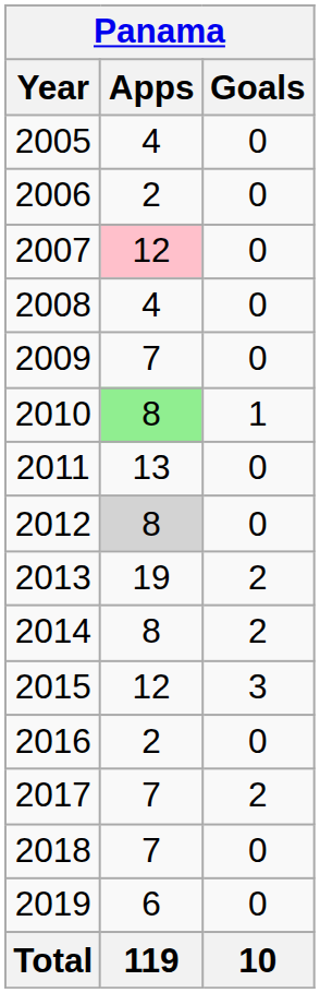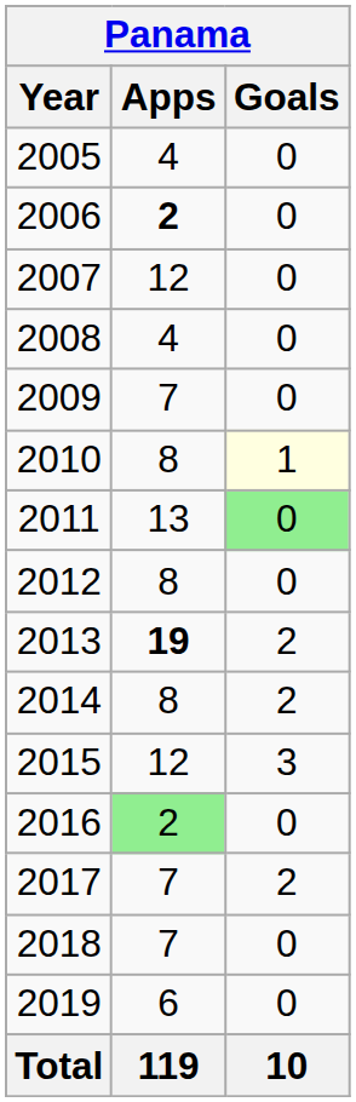 <table class="wikitable" style="text-align:center">
 <tr>
 <th colspan=3><a href='#'>Panama</a></th>
 </tr>
 <tr>
 <th>Year</th>
 <th>Apps</th>
 <th>Goals</th>
 </tr>
 <tr>
 <td>2005</td>
 <td>4</td>
 <td>0</td>
 </tr>
 <tr>
 <td>2006</td>
-<td>2</td>
+<td><strong>2</strong></td>
 <td>0</td>
 </tr>
 <tr>
 <td>2007</td>
-<td style="background: pink;">12</td>
+<td>12</td>
 <td>0</td>
 </tr>
 <tr>
 <td>2008</td>
 <td>4</td>
 <td>0</td>
 </tr>
 <tr>
 <td>2009</td>
 <td>7</td>
 <td>0</td>
 </tr>
 <tr>
 <td>2010</td>
-<td style="background: lightgreen;">8</td>
-<td>1</td>
+<td>8</td>
+<td style="background: lightyellow;">1</td>
 </tr>
 <tr>
 <td>2011</td>
 <td>13</td>
-<td>0</td>
+<td style="background: lightgreen;">0</td>
 </tr>
 <tr>
 <td>2012</td>
-<td style="background: lightgrey;">8</td>
+<td>8</td>
 <td>0</td>
 </tr>
 <tr>
 <td>2013</td>
-<td>19</td>
+<td><strong>19</strong></td>
 <td>2</td>
 </tr>
 <tr>
 <td>2014</td>
 <td>8</td>
 <td>2</td>
 </tr>
 <tr>
 <td>2015</td>
 <td>12</td>
 <td>3</td>
 </tr>
 <tr>
 <td>2016</td>
-<td>2</td>
+<td style="background: lightgreen;">2</td>
 <td>0</td>
 </tr>
 <tr>
 <td>2017</td>
 <td>7</td>
 <td>2</td>
 </tr>
 <tr>
 <td>2018</td>
 <td>7</td>
 <td>0</td>
 </tr>
 <tr>
 <td>2019</td>
 <td>6</td>
 <td>0</td>
 </tr>
 <tr>
 <th>Total</th>
 <th>119</th>
 <th>10</th>
 </tr>
 </table>
